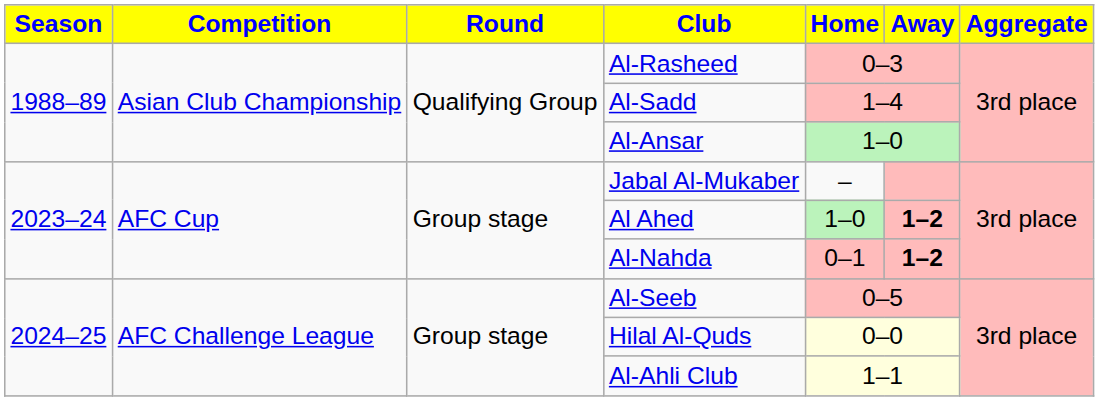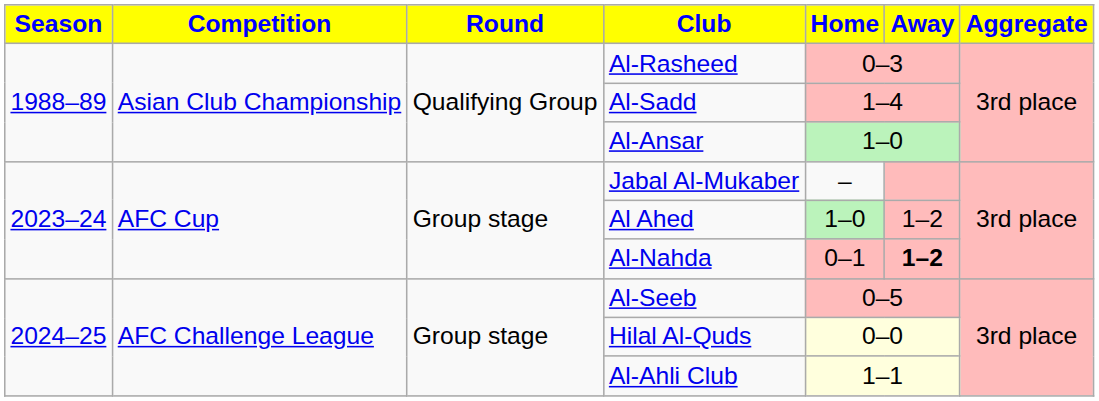 <table class="wikitable">
 <tr>
 <th style="color:#0000FF; background:#FFFF00;">Season</th>
 <th style="color:#0000FF; background:#FFFF00;">Competition</th>
 <th style="color:#0000FF; background:#FFFF00;">Round</th>
 <th style="color:#0000FF; background:#FFFF00;">Club</th>
 <th style="color:#0000FF; background:#FFFF00;">Home</th>
 <th style="color:#0000FF; background:#FFFF00;">Away</th>
 <th style="color:#0000FF; background:#FFFF00;">Aggregate</th>
 </tr>
 <tr>
 <td rowspan=3><a href='#'>1988–89</a></td>
 <td rowspan=3><a href='#'>Asian Club Championship</a></td>
 <td rowspan=3>Qualifying Group</td>
 <td> <a href='#'>Al-Rasheed</a></td>
 <td align="center" colspan="2" style="background: #FFBBBB;">0–3</td>
 <td align="center" rowspan=3 style="background: #FFBBBB;">3rd place</td>
 </tr>
 <tr>
 <td> <a href='#'>Al-Sadd</a></td>
 <td align="center" colspan="2"  style="background: #FFBBBB;">1–4</td>
 </tr>
 <tr>
 <td> <a href='#'>Al-Ansar</a></td>
 <td align="center" colspan="2"  style="background: #BBF3BB;">1–0</td>
 </tr>
 <tr>
 <td rowspan=3><a href='#'>2023–24</a></td>
 <td rowspan=3><a href='#'>AFC Cup</a></td>
 <td rowspan=3>Group stage</td>
 <td> <a href='#'>Jabal Al-Mukaber</a></td>
 <td align="center">–</td>
 <td align="center" style="background: #FFBBBB;"></td>
 <td align="center" rowspan=3 style="background: #FFBBBB;">3rd place</td>
 </tr>
 <tr>
 <td> <a href='#'>Al Ahed</a></td>
 <td align="center" style="background: #BBF3BB;">1–0</td>
-<td align="center" style="background: #FFBBBB;"><strong>1–2</strong></td>
+<td align="center" style="background: #FFBBBB;">1–2</td>
 </tr>
 <tr>
 <td> <a href='#'>Al-Nahda</a></td>
 <td align="center" style="background: #FFBBBB;">0–1</td>
 <td align="center" style="background: #FFBBBB;"><strong>1–2</strong></td>
 </tr>
 <tr>
 <td rowspan=3><a href='#'>2024–25</a></td>
 <td rowspan=3><a href='#'>AFC Challenge League</a></td>
 <td rowspan=3>Group stage</td>
 <td> <a href='#'>Al-Seeb</a></td>
 <td align="center" colspan="2" style="background: #FFBBBB;">0–5</td>
 <td align="center" rowspan=3 style="background: #FFBBBB;">3rd place</td>
 </tr>
 <tr>
 <td> <a href='#'>Hilal Al-Quds</a></td>
 <td align="center" colspan="2" style="background: #ffffdd;">0–0</td>
 </tr>
 <tr>
 <td> <a href='#'>Al-Ahli Club</a></td>
 <td align="center" colspan="2" style="background: #ffffdd;">1–1</td>
 </tr>
 </table>
